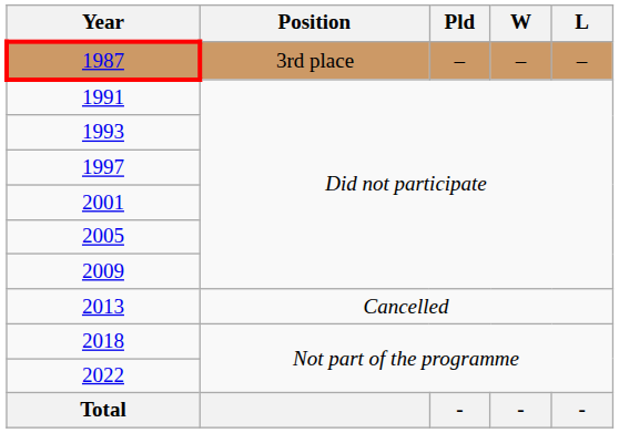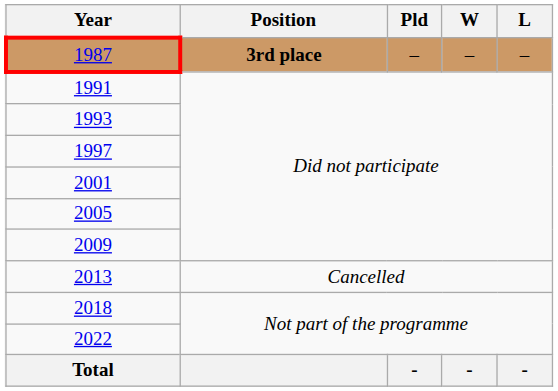 <table class="wikitable" style="text-align: center;font-size:90%;">
 <tr>
 <th width=125>Year</th>
 <th width=150>Position</th>
 <th width=35>Pld</th>
 <th width=35>W</th>
 <th width=35>L</th>
 </tr>
 <tr style="background:#c96;">
 <td style="border: 3px solid red"> <a href='#'>1987</a></td>
-<td>3rd place</td>
+<td><strong>3rd place</strong></td>
 <td>–</td>
 <td>–</td>
 <td>–</td>
 </tr>
 <tr>
 <td> <a href='#'>1991</a></td>
 <td colspan="5" rowspan="6"><em>Did not participate</em></td>
 </tr>
 <tr>
 <td> <a href='#'>1993</a></td>
 </tr>
 <tr>
 <td> <a href='#'>1997</a></td>
 </tr>
 <tr>
 <td> <a href='#'>2001</a></td>
 </tr>
 <tr>
 <td> <a href='#'>2005</a></td>
 </tr>
 <tr>
 <td> <a href='#'>2009</a></td>
 </tr>
 <tr>
 <td> <a href='#'>2013</a></td>
 <td colspan=5><em>Cancelled</em></td>
 </tr>
 <tr>
 <td> <a href='#'>2018</a></td>
 <td rowspan=2 colspan="5"><em>Not part of the programme</em></td>
 </tr>
 <tr>
 <td> <a href='#'>2022</a></td>
 </tr>
 <tr>
 <th>Total</th>
 <th></th>
 <th>-</th>
 <th>-</th>
 <th>-</th>
 </tr>
 </table>
